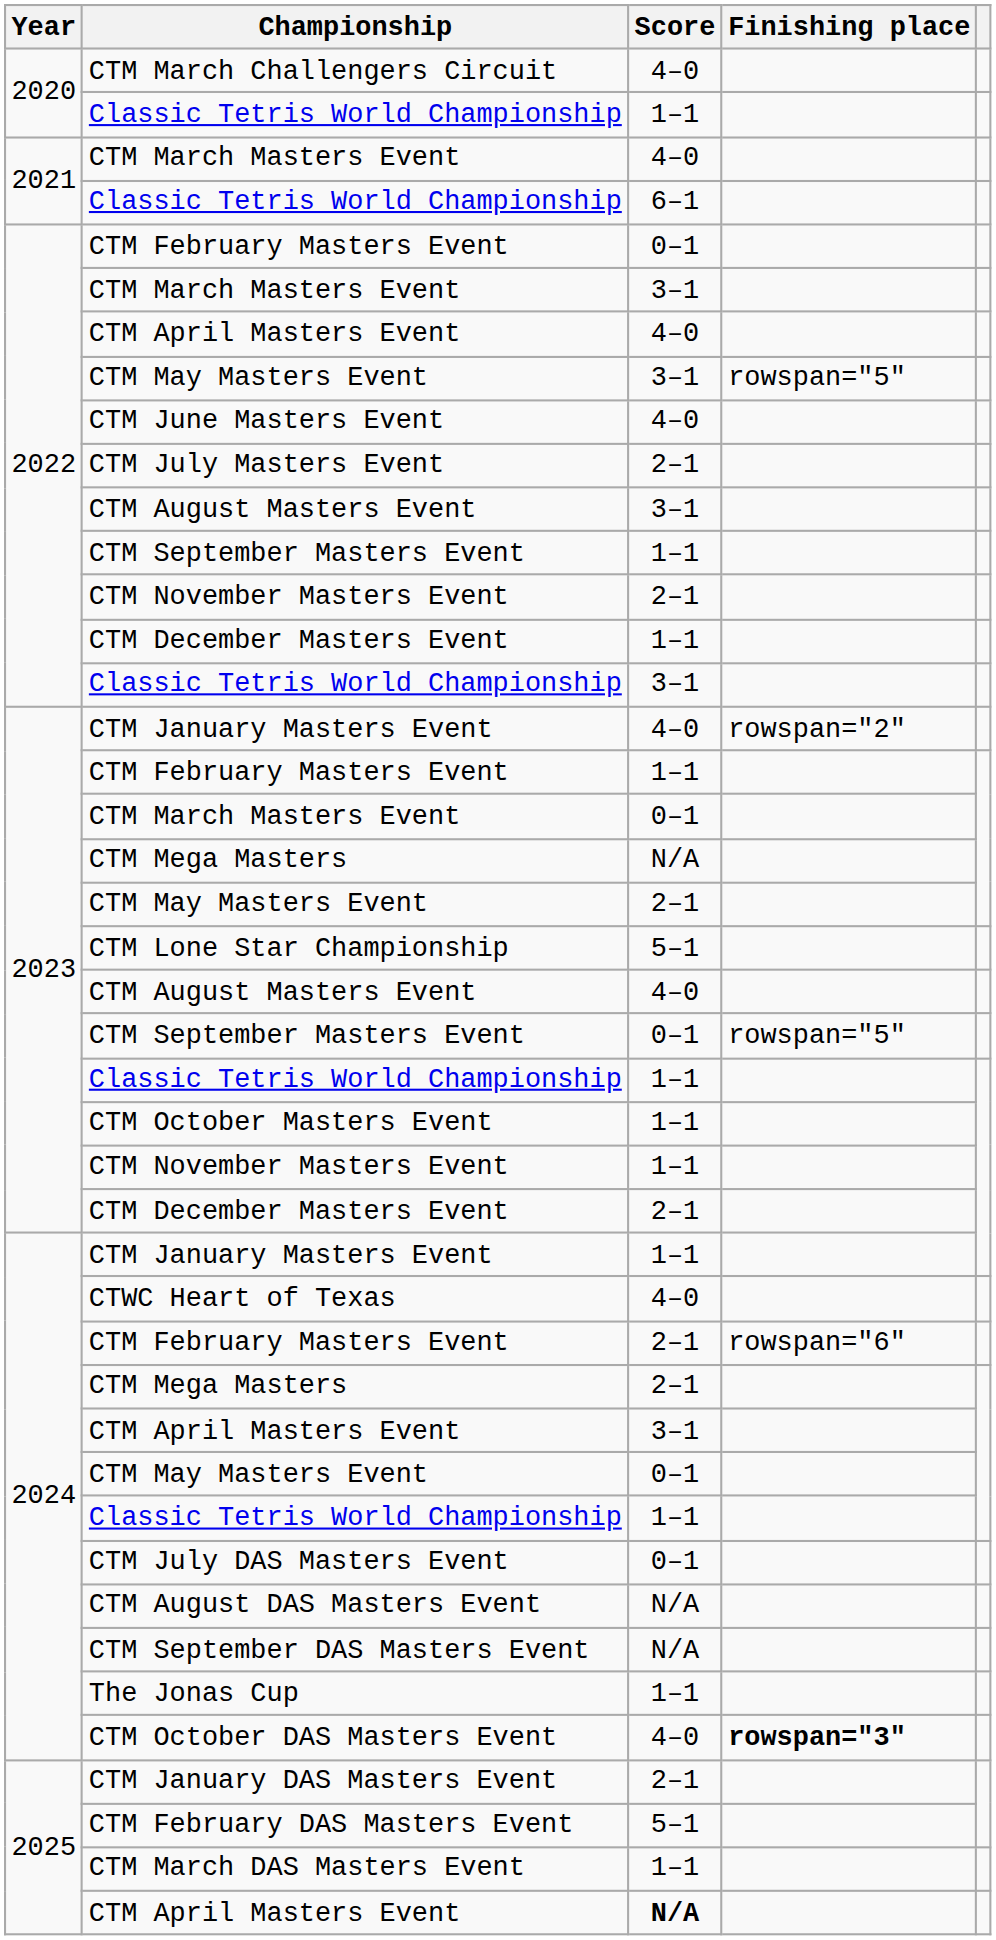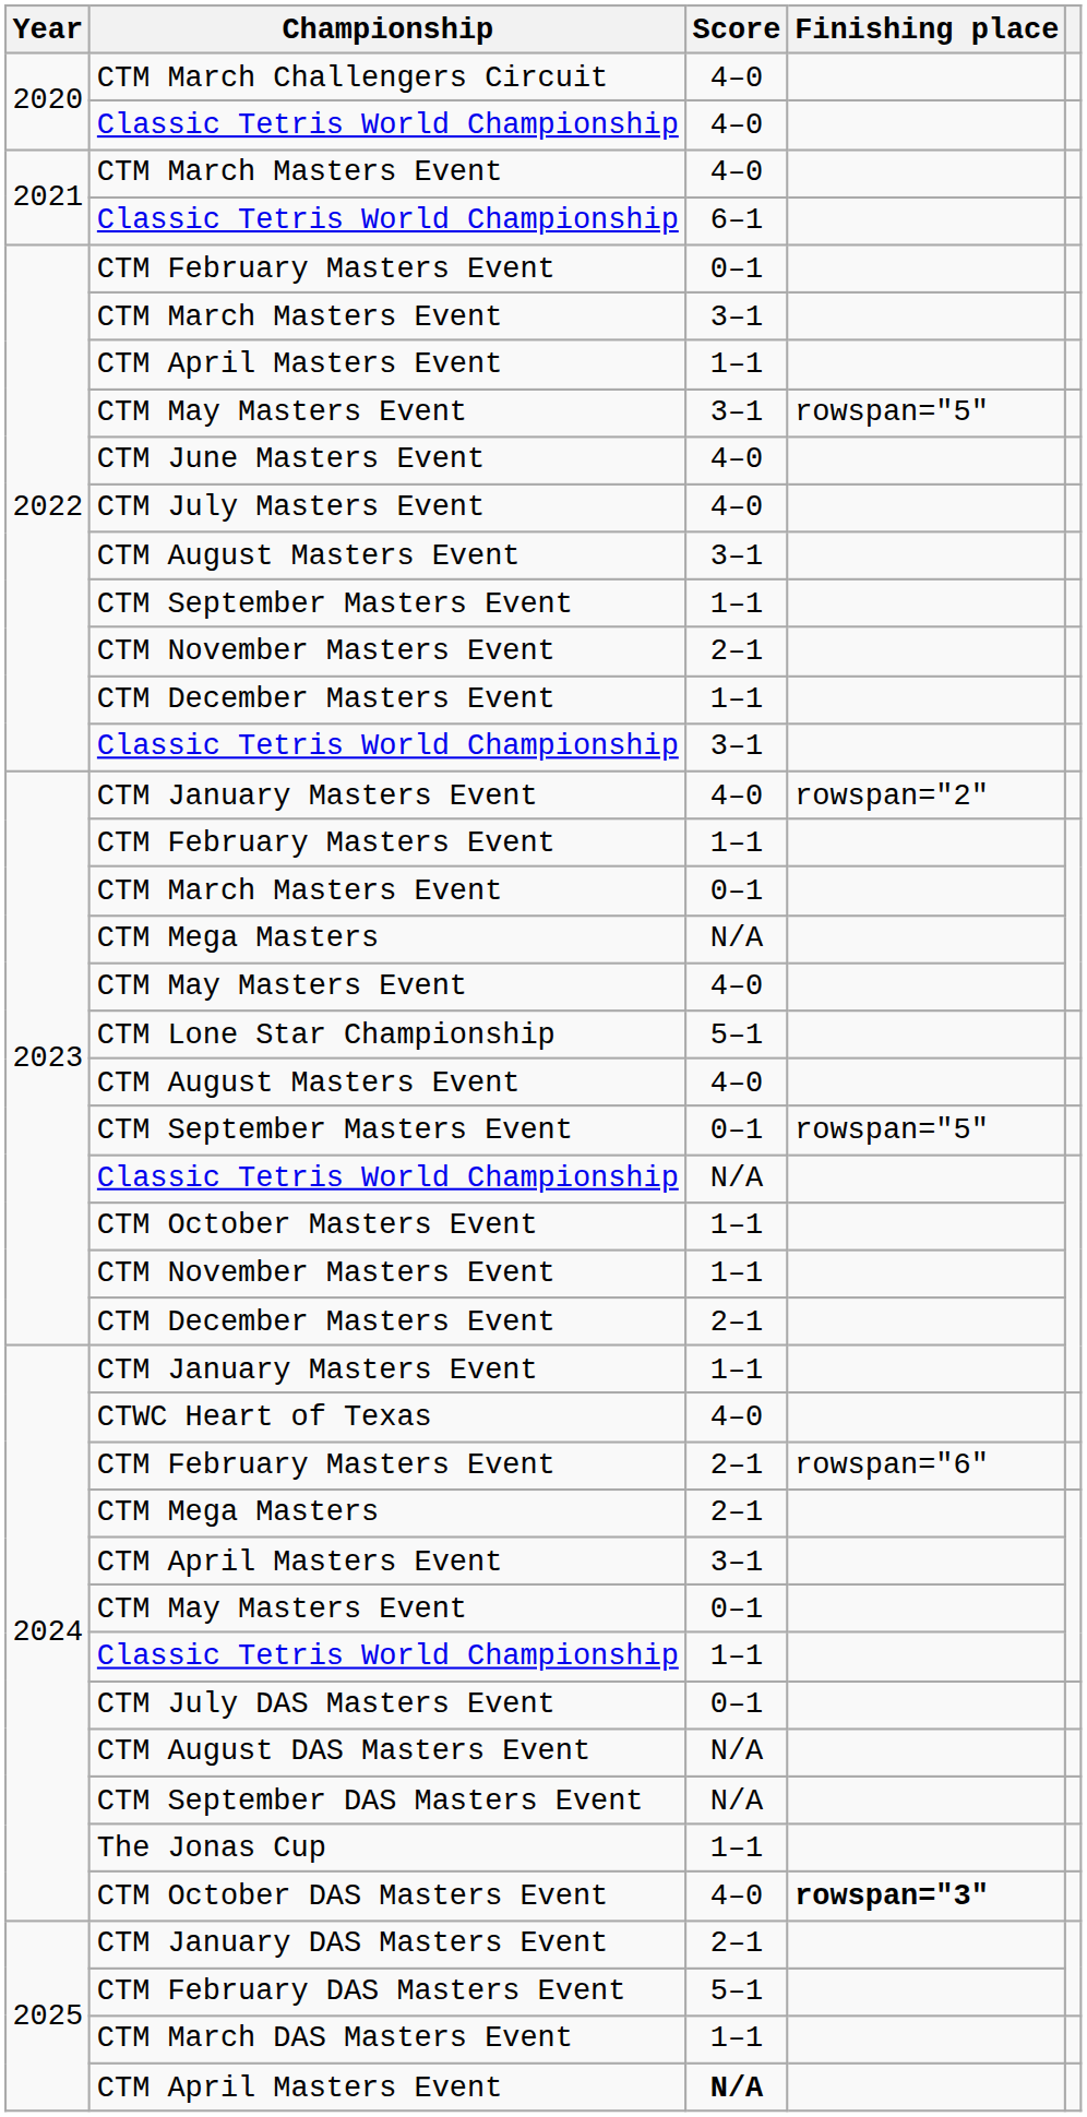 <table class="sortable wikitable plainrowheaders">
 <tr>
 <th scope="col">Year</th>
 <th scope="col">Championship</th>
 <th scope="col">Score</th>
 <th scope="col">Finishing place</th>
 <th scope="col" align="center" class=unsortable></th>
 </tr>
 <tr>
 <td rowspan="2">2020</td>
 <td>CTM March Challengers Circuit</td>
 <td align="center">4–0</td>
 <td></td>
 <td align="center"></td>
 </tr>
 <tr>
 <td><a href='#'>Classic Tetris World Championship</a></td>
-<td align="center">1–1</td>
+<td align="center">4–0</td>
 <td></td>
 <td align="center"></td>
 </tr>
 <tr>
 <td rowspan="2">2021</td>
 <td>CTM March Masters Event</td>
 <td align="center">4–0</td>
 <td></td>
 <td align="center"></td>
 </tr>
 <tr>
 <td><a href='#'>Classic Tetris World Championship</a></td>
 <td align="center">6–1</td>
 <td></td>
 <td align="center"></td>
 </tr>
 <tr>
 <td rowspan="11">2022</td>
 <td>CTM February Masters Event</td>
 <td align="center">0–1</td>
 <td></td>
 <td align="center"></td>
 </tr>
 <tr>
 <td>CTM March Masters Event</td>
 <td align="center">3–1</td>
 <td></td>
 <td align="center"></td>
 </tr>
 <tr>
 <td>CTM April Masters Event</td>
-<td align="center">4–0</td>
+<td align="center">1–1</td>
 <td></td>
 <td align="center"></td>
 </tr>
 <tr>
 <td>CTM May Masters Event</td>
 <td align="center">3–1</td>
 <td>rowspan="5" </td>
 <td align="center"></td>
 </tr>
 <tr>
 <td>CTM June Masters Event</td>
 <td align="center">4–0</td>
 <td align="center"></td>
 </tr>
 <tr>
 <td>CTM July Masters Event</td>
-<td align="center">2–1</td>
+<td align="center">4–0</td>
 <td></td>
 <td align="center"></td>
 </tr>
 <tr>
 <td>CTM August Masters Event</td>
 <td align="center">3–1</td>
 <td></td>
 <td align="center"></td>
 </tr>
 <tr>
 <td>CTM September Masters Event</td>
 <td align="center">1–1</td>
 <td></td>
 <td align="center"></td>
 </tr>
 <tr>
 <td>CTM November Masters Event</td>
 <td align="center">2–1</td>
 <td></td>
 <td align="center"></td>
 </tr>
 <tr>
 <td>CTM December Masters Event</td>
 <td align="center">1–1</td>
 <td></td>
 <td align="center"></td>
 </tr>
 <tr>
 <td><a href='#'>Classic Tetris World Championship</a></td>
 <td align="center">3–1</td>
 <td></td>
 <td align="center"></td>
 </tr>
 <tr>
 <td rowspan="12">2023</td>
 <td>CTM January Masters Event</td>
 <td align="center">4–0</td>
 <td>rowspan="2" </td>
 <td align="center"></td>
 </tr>
 <tr>
 <td>CTM February Masters Event</td>
 <td align="center">1–1</td>
 <td align="center"></td>
 </tr>
 <tr>
 <td>CTM March Masters Event</td>
 <td align="center">0–1</td>
 <td align="center"></td>
 </tr>
 <tr>
 <td>CTM Mega Masters</td>
 <td align="center">N/A</td>
 <td align="center"></td>
 </tr>
 <tr>
 <td>CTM May Masters Event</td>
-<td align="center">2–1</td>
+<td align="center">4–0</td>
 <td align="center"></td>
 </tr>
 <tr>
 <td>CTM Lone Star Championship</td>
 <td align="center">5–1</td>
 <td></td>
 <td align="center"></td>
 </tr>
 <tr>
 <td>CTM August Masters Event</td>
 <td align="center">4–0</td>
 <td></td>
 <td align="center"></td>
 </tr>
 <tr>
 <td>CTM September Masters Event</td>
 <td align="center">0–1</td>
 <td>rowspan="5" </td>
 <td align="center"></td>
 </tr>
 <tr>
 <td><a href='#'>Classic Tetris World Championship</a></td>
-<td align="center">1–1</td>
+<td align="center">N/A</td>
 <td align="center"></td>
 </tr>
 <tr>
 <td>CTM October Masters Event</td>
 <td align="center">1–1</td>
 <td align="center"></td>
 </tr>
 <tr>
 <td>CTM November Masters Event</td>
 <td align="center">1–1</td>
 <td align="center"></td>
 </tr>
 <tr>
 <td>CTM December Masters Event</td>
 <td align="center">2–1</td>
 <td align="center"></td>
 </tr>
 <tr>
 <td rowspan="12">2024</td>
 <td>CTM January Masters Event</td>
 <td align="center">1–1</td>
 <td align="center"></td>
 </tr>
 <tr>
 <td>CTWC Heart of Texas</td>
 <td align="center">4–0</td>
 <td></td>
 <td align="center"></td>
 </tr>
 <tr>
 <td>CTM February Masters Event</td>
 <td align="center">2–1</td>
 <td>rowspan="6" </td>
 <td align="center"></td>
 </tr>
 <tr>
 <td>CTM Mega Masters</td>
 <td align="center">2–1</td>
 <td align="center"></td>
 </tr>
 <tr>
 <td>CTM April Masters Event</td>
 <td align="center">3–1</td>
 <td align="center"></td>
 </tr>
 <tr>
 <td>CTM May Masters Event</td>
 <td align="center">0–1</td>
 <td align="center"></td>
 </tr>
 <tr>
 <td><a href='#'>Classic Tetris World Championship</a></td>
 <td align="center">1–1</td>
 <td align="center"></td>
 </tr>
 <tr>
 <td>CTM July DAS Masters Event</td>
 <td align="center">0–1</td>
 <td></td>
 <td align="center"></td>
 </tr>
 <tr>
 <td>CTM August DAS Masters Event</td>
 <td align="center">N/A</td>
 <td></td>
 <td align="center"></td>
 </tr>
 <tr>
 <td>CTM September DAS Masters Event</td>
 <td align="center">N/A</td>
 <td></td>
 <td align="center"></td>
 </tr>
 <tr>
 <td>The Jonas Cup</td>
 <td align="center">1–1</td>
 <td></td>
 <td align="center"></td>
 </tr>
 <tr>
 <td>CTM October DAS Masters Event</td>
 <td align="center">4–0</td>
 <td><strong>rowspan="3" </strong></td>
 <td align="center"></td>
 </tr>
 <tr>
 <td rowspan="4">2025</td>
 <td>CTM January DAS Masters Event</td>
 <td align="center">2–1</td>
 <td align="center"></td>
 </tr>
 <tr>
 <td>CTM February DAS Masters Event</td>
 <td align="center">5–1</td>
 <td align="center"></td>
 </tr>
 <tr>
 <td>CTM March DAS Masters Event</td>
 <td align="center">1–1</td>
 <td></td>
 <td align="center"></td>
 </tr>
 <tr>
 <td>CTM April Masters Event</td>
 <td align="center"><strong>N/A</strong></td>
 <td></td>
 <td align="center"></td>
 </tr>
 </table>
